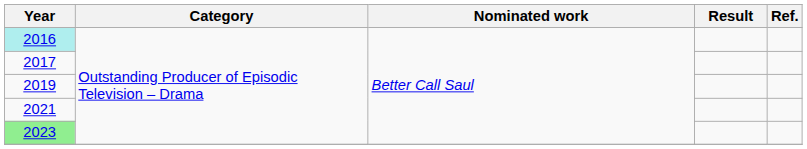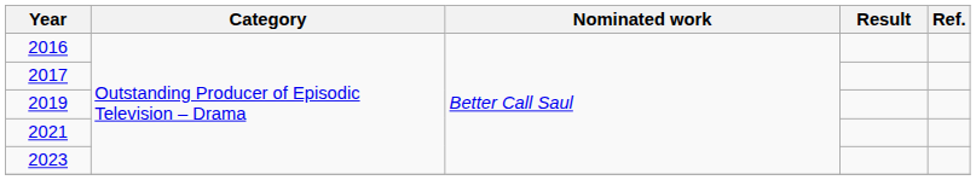 <table class=wikitable>
 <tr>
 <th scope="col" style="width:5em;">Year</th>
 <th scope="col" style="width:24em;">Category</th>
 <th scope="col" style="width:27em;">Nominated work</th>
 <th scope="col" style="width:5em;">Result</th>
 <th>Ref.</th>
 </tr>
 <tr>
-<td style="background: paleturquoise; text-align:center;"><a href='#'>2016</a></td>
+<td style="text-align:center;"><a href='#'>2016</a></td>
 <td rowspan="5"><a href='#'>Outstanding Producer of Episodic Television – Drama</a></td>
 <td rowspan="5"><em><a href='#'>Better Call Saul</a></em></td>
 <td></td>
 <td style="text-align:center;"></td>
 </tr>
 <tr>
 <td style="text-align:center;"><a href='#'>2017</a></td>
 <td></td>
 <td style="text-align:center;"></td>
 </tr>
 <tr>
 <td style="text-align:center;"><a href='#'>2019</a></td>
 <td></td>
 <td style="text-align:center;"></td>
 </tr>
 <tr>
 <td style="text-align:center;"><a href='#'>2021</a></td>
 <td></td>
 <td style="text-align:center;"></td>
 </tr>
 <tr>
-<td style="background: lightgreen; text-align:center;"><a href='#'>2023</a></td>
+<td style="text-align:center;"><a href='#'>2023</a></td>
 <td></td>
 <td style="text-align:center;"></td>
 </tr>
 <tr>
 </tr>
 </table>
